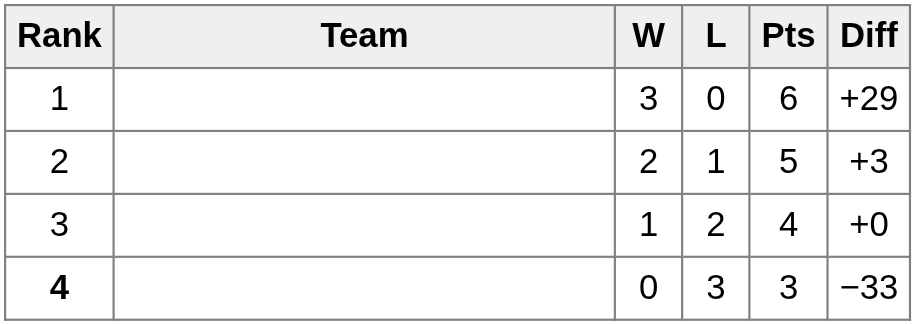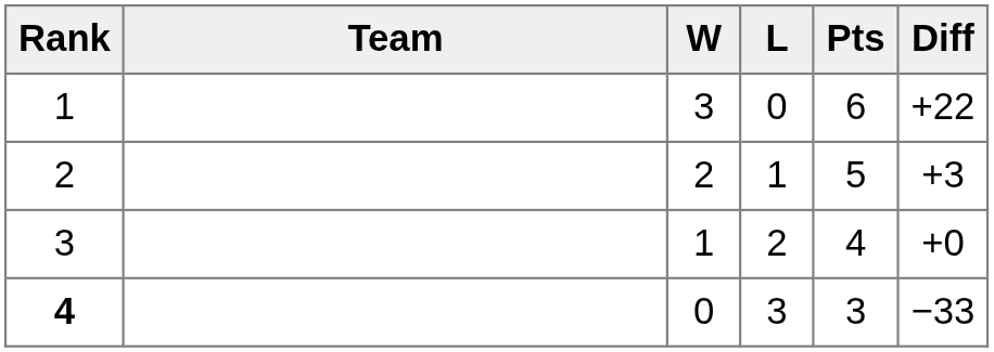 <table style=border-collapse:collapse border=1 cellspacing=0 cellpadding=5>
 <tr align=center bgcolor=#efefef>
 <th width=20>Rank</th>
 <th width=220>Team</th>
 <th width=20>W</th>
 <th width=20>L</th>
 <th width=20>Pts</th>
 <th width=25>Diff</th>
 </tr>
 <tr align=center>
 <td>1</td>
 <td align=left></td>
 <td>3</td>
 <td>0</td>
 <td>6</td>
-<td>+29</td>
+<td>+22</td>
 </tr>
 <tr align=center>
 <td>2</td>
 <td align=left></td>
 <td>2</td>
 <td>1</td>
 <td>5</td>
 <td>+3</td>
 </tr>
 <tr align=center>
 <td>3</td>
 <td align=left></td>
 <td>1</td>
 <td>2</td>
 <td>4</td>
 <td>+0</td>
 </tr>
 <tr align=center>
 <td><strong>4</strong></td>
 <td align=left></td>
 <td>0</td>
 <td>3</td>
 <td>3</td>
 <td>−33</td>
 </tr>
 </table>
